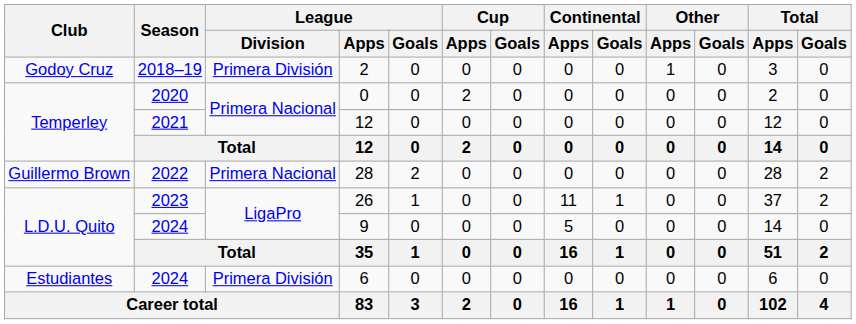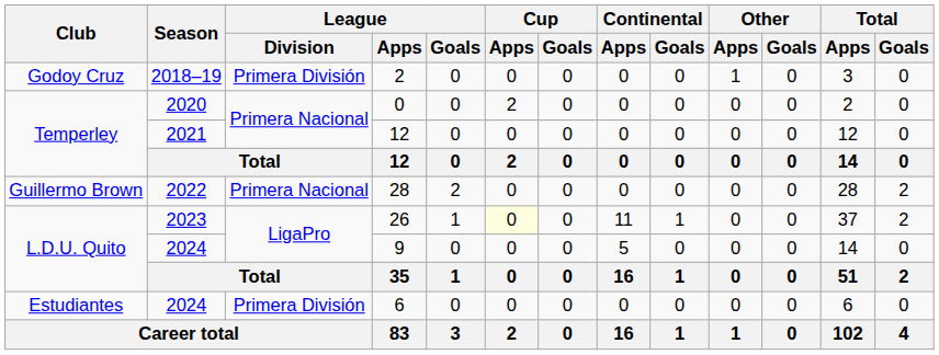 <table class="wikitable" style="text-align:center">
 <tr>
 <th rowspan="2">Club</th>
 <th rowspan="2">Season</th>
 <th colspan="3">League</th>
 <th colspan="2">Cup</th>
 <th colspan="2">Continental</th>
 <th colspan="2">Other</th>
 <th colspan="2">Total</th>
 </tr>
 <tr>
 <th>Division</th>
 <th>Apps</th>
 <th>Goals</th>
 <th>Apps</th>
 <th>Goals</th>
 <th>Apps</th>
 <th>Goals</th>
 <th>Apps</th>
 <th>Goals</th>
 <th>Apps</th>
 <th>Goals</th>
 </tr>
 <tr>
 <td rowspan="1"><a href='#'>Godoy Cruz</a></td>
 <td><a href='#'>2018–19</a></td>
 <td rowspan="1"><a href='#'>Primera División</a></td>
 <td>2</td>
 <td>0</td>
 <td>0</td>
 <td>0</td>
 <td>0</td>
 <td>0</td>
 <td>1</td>
 <td>0</td>
 <td>3</td>
 <td>0</td>
 </tr>
 <tr>
 <td rowspan="3"><a href='#'>Temperley</a></td>
 <td><a href='#'>2020</a></td>
 <td rowspan="2"><a href='#'>Primera Nacional</a></td>
 <td>0</td>
 <td>0</td>
 <td>2</td>
 <td>0</td>
 <td>0</td>
 <td>0</td>
 <td>0</td>
 <td>0</td>
 <td>2</td>
 <td>0</td>
 </tr>
 <tr>
 <td><a href='#'>2021</a></td>
 <td>12</td>
 <td>0</td>
 <td>0</td>
 <td>0</td>
 <td>0</td>
 <td>0</td>
 <td>0</td>
 <td>0</td>
 <td>12</td>
 <td>0</td>
 </tr>
 <tr>
 <th colspan="2">Total</th>
 <th>12</th>
 <th>0</th>
 <th>2</th>
 <th>0</th>
 <th>0</th>
 <th>0</th>
 <th>0</th>
 <th>0</th>
 <th>14</th>
 <th>0</th>
 </tr>
 <tr>
 <td rowspan="1"><a href='#'>Guillermo Brown</a></td>
 <td><a href='#'>2022</a></td>
 <td rowspan="1"><a href='#'>Primera Nacional</a></td>
 <td>28</td>
 <td>2</td>
 <td>0</td>
 <td>0</td>
 <td>0</td>
 <td>0</td>
 <td>0</td>
 <td>0</td>
 <td>28</td>
 <td>2</td>
 </tr>
 <tr>
 <td rowspan="3"><a href='#'>L.D.U. Quito</a></td>
 <td><a href='#'>2023</a></td>
 <td rowspan="2"><a href='#'>LigaPro</a></td>
 <td>26</td>
 <td>1</td>
-<td>0</td>
+<td style="background: lightyellow;">0</td>
 <td>0</td>
 <td>11</td>
 <td>1</td>
 <td>0</td>
 <td>0</td>
 <td>37</td>
 <td>2</td>
 </tr>
 <tr>
 <td><a href='#'>2024</a></td>
 <td>9</td>
 <td>0</td>
 <td>0</td>
 <td>0</td>
 <td>5</td>
 <td>0</td>
 <td>0</td>
 <td>0</td>
 <td>14</td>
 <td>0</td>
 </tr>
 <tr>
 <th colspan="2">Total</th>
 <th>35</th>
 <th>1</th>
 <th>0</th>
 <th>0</th>
 <th>16</th>
 <th>1</th>
 <th>0</th>
 <th>0</th>
 <th>51</th>
 <th>2</th>
 </tr>
 <tr>
 <td><a href='#'>Estudiantes</a></td>
 <td><a href='#'>2024</a></td>
 <td><a href='#'>Primera División</a></td>
 <td>6</td>
 <td>0</td>
 <td>0</td>
 <td>0</td>
 <td>0</td>
 <td>0</td>
 <td>0</td>
 <td>0</td>
 <td>6</td>
 <td>0</td>
 </tr>
 <tr>
 <th colspan="3">Career total</th>
 <th>83</th>
 <th>3</th>
 <th>2</th>
 <th>0</th>
 <th>16</th>
 <th>1</th>
 <th>1</th>
 <th>0</th>
 <th>102</th>
 <th>4</th>
 </tr>
 </table>
